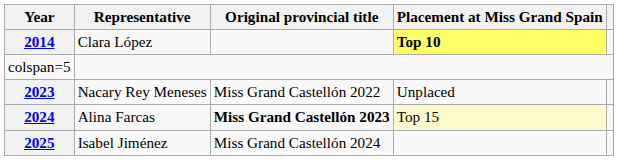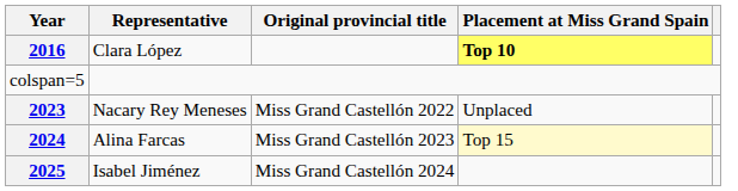 <table class="wikitable defaultcenter col2left" style="font-size:95%;">
 <tr>
 <th>Year</th>
 <th>Representative</th>
 <th>Original provincial title</th>
 <th>Placement at Miss Grand Spain</th>
 <th></th>
 </tr>
 <tr>
-<th><a href='#'>2014</a></th>
+<th><a href='#'>2016</a></th>
 <td>Clara López</td>
 <td></td>
 <td bgcolor=#FFFF66><strong>Top 10</strong></td>
 <td></td>
 </tr>
 <tr>
 <td>colspan=5 </td>
 </tr>
 <tr>
 <th><a href='#'>2023</a></th>
 <td>Nacary Rey Meneses</td>
 <td>Miss Grand Castellón 2022</td>
 <td>Unplaced</td>
 <td></td>
 </tr>
 <tr>
 <th><a href='#'>2024</a></th>
 <td>Alina Farcas</td>
-<td><strong>Miss Grand Castellón 2023</strong></td>
+<td>Miss Grand Castellón 2023</td>
 <td bgcolor=#FFFACD>Top 15</td>
 <td></td>
 </tr>
 <tr>
 <th><a href='#'>2025</a></th>
 <td>Isabel Jiménez</td>
 <td>Miss Grand Castellón 2024</td>
 <td></td>
 <td></td>
 </tr>
 </table>
